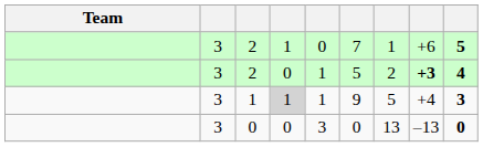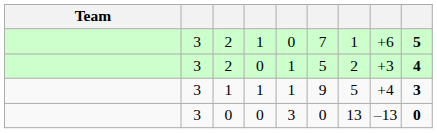 <table class="wikitable" style="text-align:center">
 <tr>
 <th width=175>Team</th>
 <th width=25></th>
 <th width=25></th>
 <th width=25></th>
 <th width=25></th>
 <th width=25></th>
 <th width=25></th>
 <th width=25></th>
 <th width=25></th>
 </tr>
 <tr align=center bgcolor=#ccffcc>
 <td align=left></td>
 <td>3</td>
 <td>2</td>
 <td>1</td>
 <td>0</td>
 <td>7</td>
 <td>1</td>
 <td>+6</td>
 <td><strong>5</strong></td>
 </tr>
 <tr align=center bgcolor=#ccffcc>
 <td align=left></td>
 <td>3</td>
 <td>2</td>
 <td>0</td>
 <td>1</td>
 <td>5</td>
 <td>2</td>
-<td><strong>+3</strong></td>
+<td>+3</td>
 <td><strong>4</strong></td>
 </tr>
 <tr>
 <td align=left></td>
 <td>3</td>
 <td>1</td>
-<td style="background: lightgrey;">1</td>
+<td>1</td>
 <td>1</td>
 <td>9</td>
 <td>5</td>
 <td>+4</td>
 <td><strong>3</strong></td>
 </tr>
 <tr>
 <td align=left></td>
 <td>3</td>
 <td>0</td>
 <td>0</td>
 <td>3</td>
 <td>0</td>
 <td>13</td>
 <td>–13</td>
 <td><strong>0</strong></td>
 </tr>
 </table>
